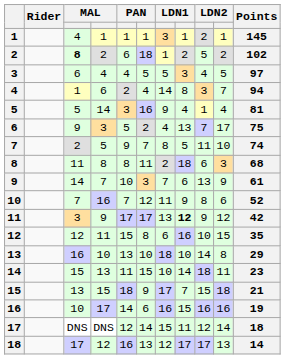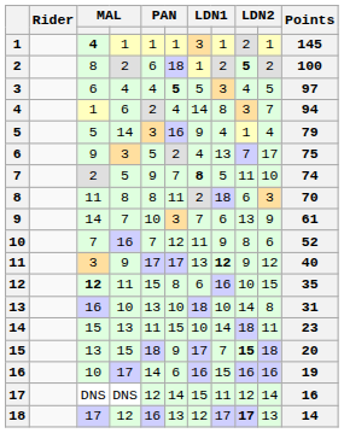 <table class="wikitable plainrowheaders" style="font-size:85%; text-align:center">
 <tr>
 <th rowspan=2 style="vertical-align:middle"></th>
 <th rowspan=2 style="vertical-align:middle">Rider</th>
 <th colspan=2>MAL<br></th>
 <th colspan=2>PAN<br></th>
 <th colspan=2>LDN1<br></th>
 <th colspan=2>LDN2<br></th>
 <th rowspan=2 style="vertical-align:middle">Points</th>
 </tr>
 <tr>
 <th></th>
 <th></th>
 <th></th>
 <th></th>
 <th></th>
 <th></th>
 <th></th>
 <th></th>
 </tr>
 <tr>
 <th>1</th>
 <td style="text-align:left"> </td>
-<td style="background:#dfffdf;">4</td>
+<td style="background:#dfffdf;"><strong>4</strong></td>
 <td style="background:#FFFFBF;">1</td>
 <td style="background:#FFFFBF;">1</td>
 <td style="background:#FFFFBF;">1</td>
 <td style="background:#ffdf9f;">3</td>
 <td style="background:#FFFFBF;">1</td>
 <td style="background:#DFDFDF;">2</td>
 <td style="background:#FFFFBF;">1</td>
 <th>145</th>
 </tr>
 <tr>
 <th>2</th>
 <td style="text-align:left"></td>
-<td style="background:#dfffdf;"><strong>8</strong></td>
+<td style="background:#dfffdf;">8</td>
 <td style="background:#DFDFDF;">2</td>
 <td style="background:#dfffdf;">6</td>
 <td style="background:#cfcfff;">18</td>
 <td style="background:#FFFFBF;">1</td>
 <td style="background:#DFDFDF;">2</td>
-<td style="background:#dfffdf;">5</td>
+<td style="background:#dfffdf;"><strong>5</strong></td>
 <td style="background:#DFDFDF;">2</td>
-<th>102</th>
+<th>100</th>
 </tr>
 <tr>
 <th>3</th>
 <td style="text-align:left"></td>
 <td style="background:#dfffdf;">6</td>
 <td style="background:#dfffdf;">4</td>
 <td style="background:#dfffdf;">4</td>
-<td style="background:#dfffdf;">5</td>
+<td style="background:#dfffdf;"><strong>5</strong></td>
 <td style="background:#dfffdf;">5</td>
 <td style="background:#ffdf9f;">3</td>
 <td style="background:#dfffdf;">4</td>
 <td style="background:#dfffdf;">5</td>
 <th>97</th>
 </tr>
 <tr>
 <th>4</th>
 <td style="text-align:left"></td>
 <td style="background:#FFFFBF;">1</td>
 <td style="background:#dfffdf;">6</td>
 <td style="background:#DFDFDF;">2</td>
 <td style="background:#dfffdf;">4</td>
 <td style="background:#dfffdf;">14</td>
 <td style="background:#dfffdf;">8</td>
 <td style="background:#ffdf9f;">3</td>
 <td style="background:#dfffdf;">7</td>
 <th>94</th>
 </tr>
 <tr>
 <th>5</th>
 <td style="text-align:left"></td>
 <td style="background:#dfffdf;">5</td>
 <td style="background:#dfffdf;">14</td>
 <td style="background:#ffdf9f;">3</td>
 <td style="background:#cfcfff;">16</td>
 <td style="background:#dfffdf;">9</td>
 <td style="background:#dfffdf;">4</td>
 <td style="background:#FFFFBF;">1</td>
 <td style="background:#dfffdf;">4</td>
-<th>81</th>
+<th>79</th>
 </tr>
 <tr>
 <th>6</th>
 <td style="text-align:left"></td>
 <td style="background:#dfffdf;">9</td>
 <td style="background:#ffdf9f;">3</td>
 <td style="background:#dfffdf;">5</td>
 <td style="background:#DFDFDF;">2</td>
 <td style="background:#dfffdf;">4</td>
 <td style="background:#dfffdf;">13</td>
 <td style="background:#cfcfff;">7</td>
 <td style="background:#dfffdf;">17</td>
 <th>75</th>
 </tr>
 <tr>
 <th>7</th>
 <td style="text-align:left"></td>
 <td style="background:#DFDFDF;">2</td>
 <td style="background:#dfffdf;">5</td>
 <td style="background:#dfffdf;">9</td>
 <td style="background:#dfffdf;">7</td>
-<td style="background:#dfffdf;">8</td>
+<td style="background:#dfffdf;"><strong>8</strong></td>
 <td style="background:#dfffdf;">5</td>
 <td style="background:#dfffdf;">11</td>
 <td style="background:#dfffdf;">10</td>
 <th>74</th>
 </tr>
 <tr>
 <th>8</th>
 <td style="text-align:left"></td>
 <td style="background:#dfffdf;">11</td>
 <td style="background:#dfffdf;">8</td>
 <td style="background:#dfffdf;">8</td>
 <td style="background:#dfffdf;">11</td>
 <td style="background:#DFDFDF;">2</td>
 <td style="background:#cfcfff;">18</td>
 <td style="background:#dfffdf;">6</td>
 <td style="background:#ffdf9f;">3</td>
-<th>68</th>
+<th>70</th>
 </tr>
 <tr>
 <th>9</th>
 <td style="text-align:left"></td>
 <td style="background:#dfffdf;">14</td>
 <td style="background:#dfffdf;">7</td>
 <td style="background:#dfffdf;">10</td>
 <td style="background:#ffdf9f;">3</td>
 <td style="background:#dfffdf;">7</td>
 <td style="background:#dfffdf;">6</td>
 <td style="background:#dfffdf;">13</td>
 <td style="background:#dfffdf;">9</td>
 <th>61</th>
 </tr>
 <tr>
 <th>10</th>
 <td style="text-align:left"></td>
 <td style="background:#dfffdf;">7</td>
 <td style="background:#cfcfff;">16</td>
 <td style="background:#dfffdf;">7</td>
 <td style="background:#dfffdf;">12</td>
 <td style="background:#dfffdf;">11</td>
 <td style="background:#dfffdf;">9</td>
 <td style="background:#dfffdf;">8</td>
 <td style="background:#dfffdf;">6</td>
 <th>52</th>
 </tr>
 <tr>
 <th>11</th>
 <td style="text-align:left"></td>
 <td style="background:#ffdf9f;">3</td>
 <td style="background:#dfffdf;">9</td>
 <td style="background:#cfcfff;">17</td>
 <td style="background:#cfcfff;">17</td>
 <td style="background:#dfffdf;">13</td>
 <td style="background:#dfffdf;"><strong>12</strong></td>
 <td style="background:#dfffdf;">9</td>
 <td style="background:#dfffdf;">12</td>
-<th>42</th>
+<th>40</th>
 </tr>
 <tr>
 <th>12</th>
 <td style="text-align:left"></td>
-<td style="background:#dfffdf;">12</td>
+<td style="background:#dfffdf;"><strong>12</strong></td>
 <td style="background:#dfffdf;">11</td>
 <td style="background:#dfffdf;">15</td>
 <td style="background:#dfffdf;">8</td>
 <td style="background:#dfffdf;">6</td>
 <td style="background:#cfcfff;">16</td>
 <td style="background:#dfffdf;">10</td>
 <td style="background:#dfffdf;">15</td>
 <th>35</th>
 </tr>
 <tr>
 <th>13</th>
 <td style="text-align:left"></td>
 <td style="background:#cfcfff;">16</td>
 <td style="background:#dfffdf;">10</td>
 <td style="background:#dfffdf;">13</td>
 <td style="background:#dfffdf;">10</td>
 <td style="background:#cfcfff;">18</td>
 <td style="background:#dfffdf;">10</td>
 <td style="background:#dfffdf;">14</td>
 <td style="background:#dfffdf;">8</td>
-<th>29</th>
+<th>31</th>
 </tr>
 <tr>
 <th>14</th>
 <td style="text-align:left"></td>
 <td style="background:#dfffdf;">15</td>
 <td style="background:#dfffdf;">13</td>
 <td style="background:#dfffdf;">11</td>
 <td style="background:#dfffdf;">15</td>
 <td style="background:#dfffdf;">10</td>
 <td style="background:#dfffdf;">14</td>
 <td style="background:#cfcfff;">18</td>
 <td style="background:#dfffdf;">11</td>
 <th>23</th>
 </tr>
 <tr>
 <th>15</th>
 <td style="text-align:left"></td>
 <td style="background:#dfffdf;">13</td>
 <td style="background:#dfffdf;">15</td>
 <td style="background:#cfcfff;">18</td>
 <td style="background:#dfffdf;">9</td>
 <td style="background:#cfcfff;">17</td>
 <td style="background:#dfffdf;">7</td>
-<td style="background:#dfffdf;">15</td>
+<td style="background:#dfffdf;"><strong>15</strong></td>
 <td style="background:#cfcfff;">18</td>
-<th>21</th>
+<th>20</th>
 </tr>
 <tr>
 <th>16</th>
 <td style="text-align:left"></td>
 <td style="background:#dfffdf;">10</td>
 <td style="background:#cfcfff;">17</td>
 <td style="background:#dfffdf;">14</td>
 <td style="background:#dfffdf;">6</td>
 <td style="background:#cfcfff;">16</td>
 <td style="background:#dfffdf;">15</td>
 <td style="background:#cfcfff;">16</td>
 <td style="background:#cfcfff;">16</td>
 <th>19</th>
 </tr>
 <tr>
 <th>17</th>
 <td style="text-align:left"></td>
 <td style="background:#ffffff;">DNS</td>
 <td style="background:#ffffff;">DNS</td>
 <td style="background:#dfffdf;">12</td>
 <td style="background:#dfffdf;">14</td>
 <td style="background:#dfffdf;">15</td>
 <td style="background:#dfffdf;">11</td>
 <td style="background:#dfffdf;">12</td>
 <td style="background:#dfffdf;">14</td>
-<th>18</th>
+<th>16</th>
 </tr>
 <tr>
 <th>18</th>
 <td style="text-align:left"></td>
 <td style="background:#cfcfff;">17</td>
 <td style="background:#dfffdf;">12</td>
 <td style="background:#cfcfff;">16</td>
 <td style="background:#dfffdf;">13</td>
 <td style="background:#dfffdf;">12</td>
 <td style="background:#cfcfff;">17</td>
-<td style="background:#cfcfff;">17</td>
+<td style="background:#cfcfff;"><strong>17</strong></td>
 <td style="background:#dfffdf;">13</td>
 <th>14</th>
 </tr>
 </table>
